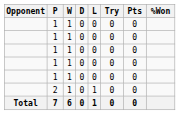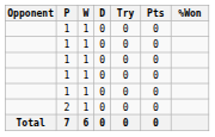 <table class="wikitable sortable" style="text-align:center;font:100%">
 <tr>
 <th style="width:25%;">Opponent</th>
 <th abbr="Played" style="width:15px;">P</th>
 <th abbr="Won" style="width:10px;">W</th>
 <th abbr="Drawn" style="width:10px;">D</th>
-<th abbr="Lost" style="width:10px;">L</th>
 <th abbr="Tries" style="width:15px;">Try</th>
 <th abbr="Points" style="width:18px;">Pts</th>
 <th abbr="Won" style="width:15px;">%Won</th>
 </tr>
 <tr>
 <td align="left"></td>
 <td>1</td>
 <td>1</td>
-<td>0</td>
 <td>0</td>
 <td>0</td>
 <td>0</td>
 <td></td>
 </tr>
 <tr>
 <td align="left"></td>
 <td>1</td>
 <td>1</td>
 <td>0</td>
 <td>0</td>
 <td>0</td>
-<td>0</td>
 <td></td>
 </tr>
 <tr>
 <td align="left"></td>
 <td>1</td>
 <td>1</td>
-<td>0</td>
 <td>0</td>
 <td>0</td>
 <td>0</td>
 <td></td>
 </tr>
 <tr>
 <td align="left"></td>
 <td>1</td>
 <td>1</td>
 <td>0</td>
 <td>0</td>
 <td>0</td>
-<td>0</td>
 <td></td>
 </tr>
 <tr>
 <td align="left"></td>
 <td>1</td>
 <td>1</td>
-<td>0</td>
 <td>0</td>
 <td>0</td>
 <td>0</td>
 <td></td>
 </tr>
 <tr>
 <td align="left"></td>
 <td>2</td>
 <td>1</td>
 <td>0</td>
-<td>1</td>
 <td>0</td>
 <td>0</td>
 <td></td>
 </tr>
 <tr>
 <th>Total</th>
 <th>7</th>
 <th>6</th>
 <th>0</th>
-<th>1</th>
 <th>0</th>
 <th>0</th>
 <th></th>
 </tr>
 </table>
